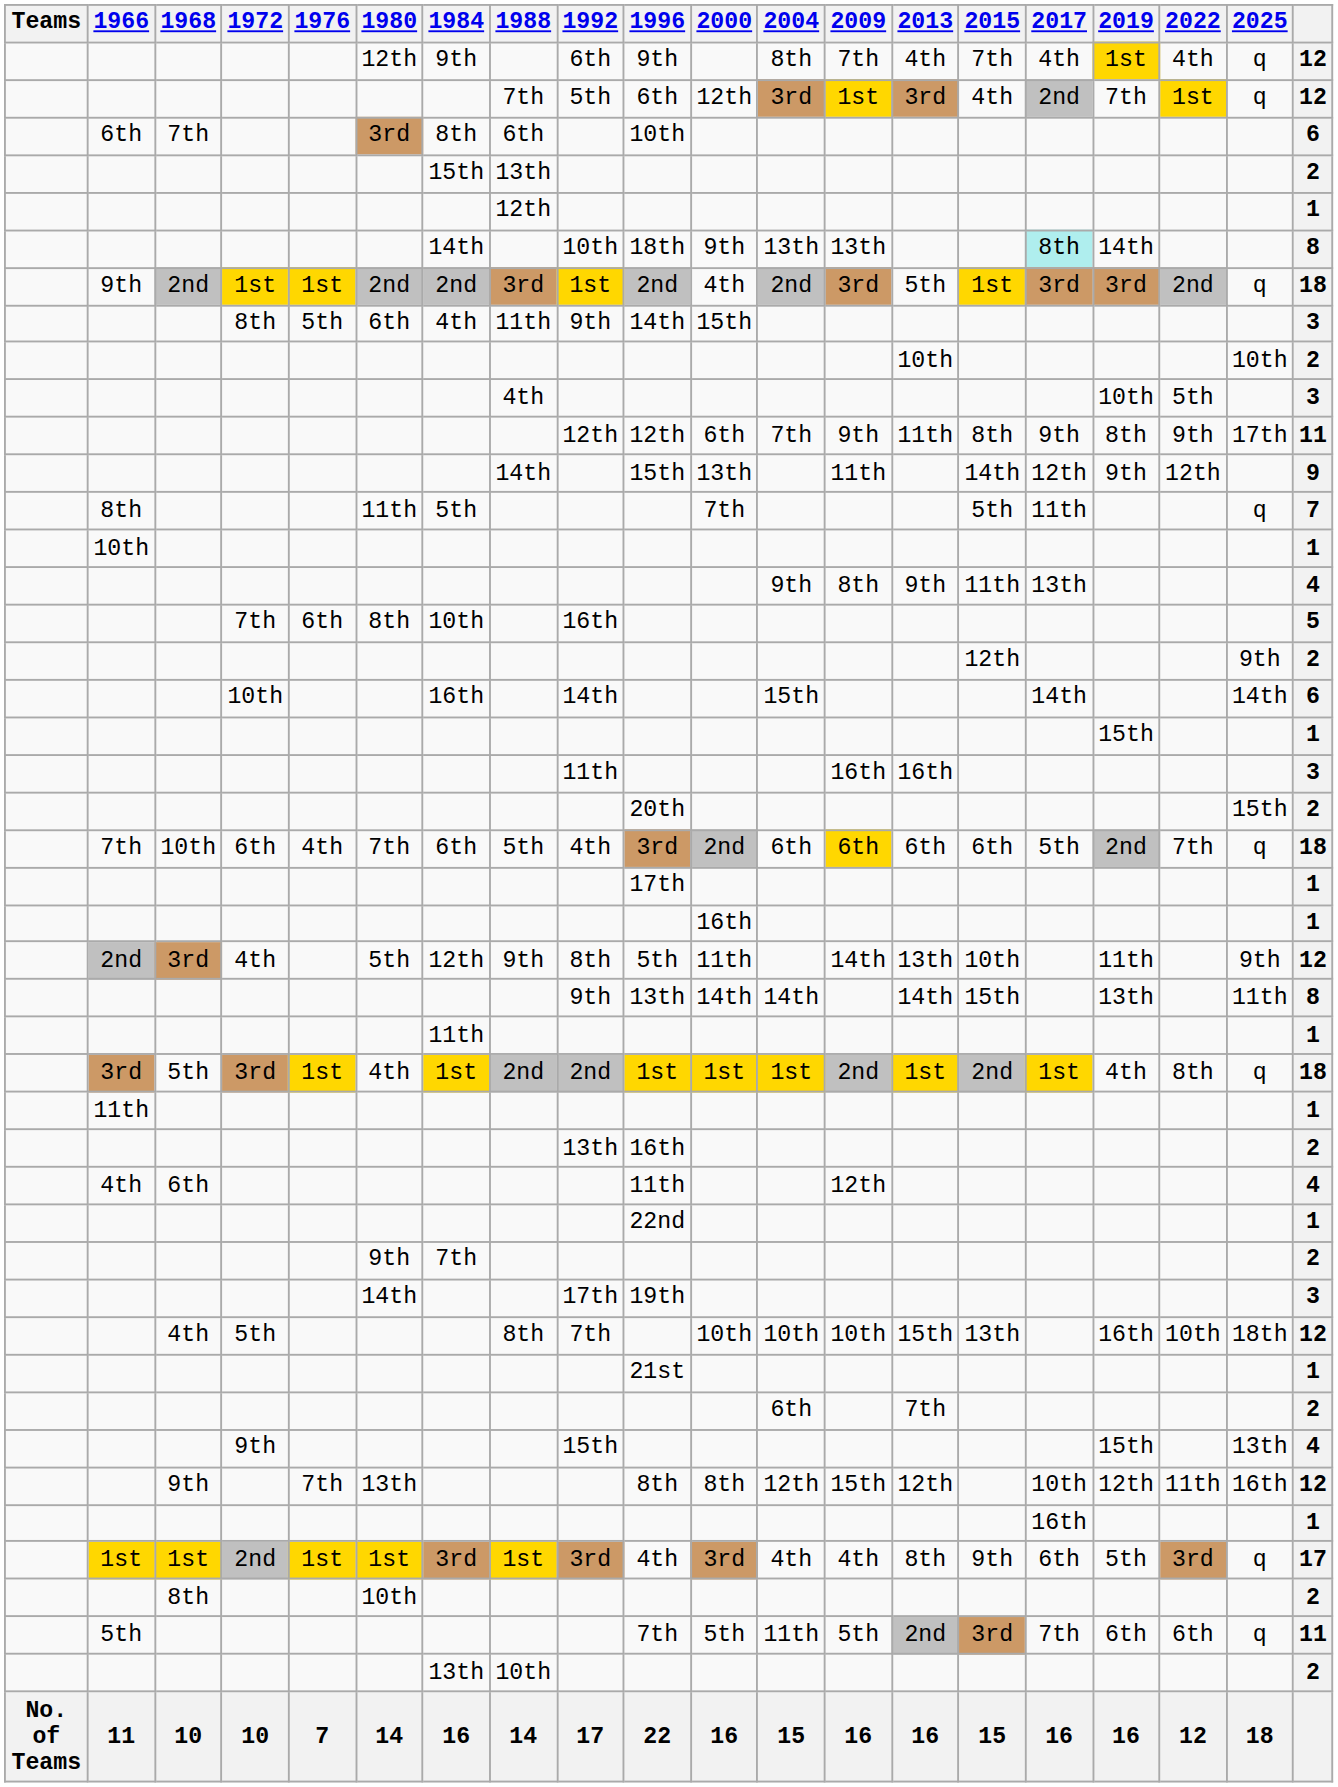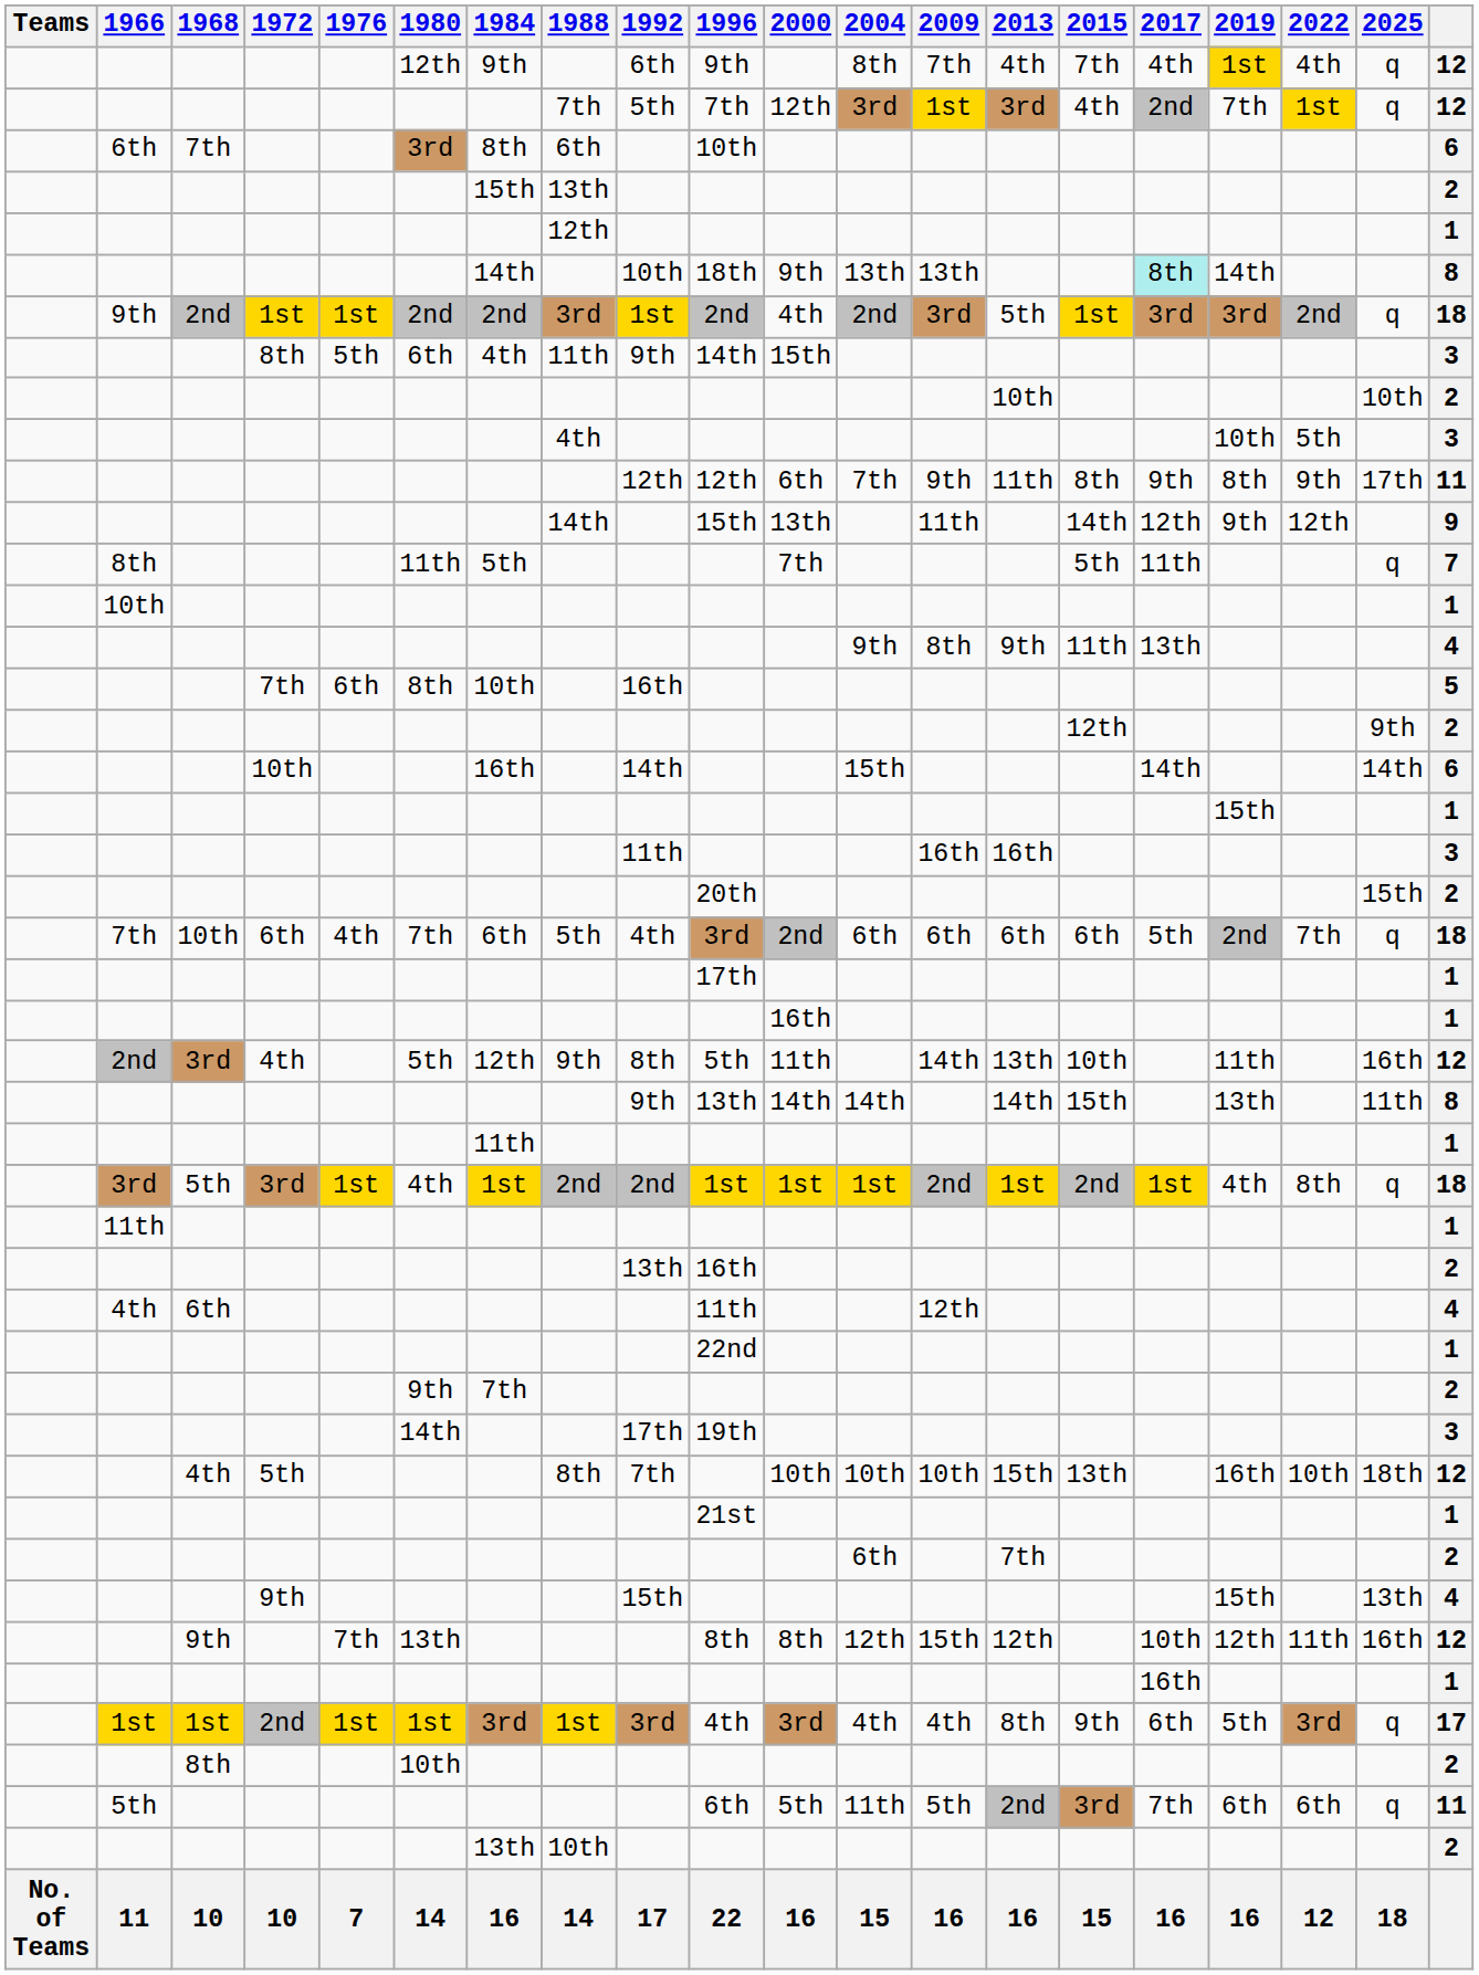 <table class="wikitable" style="font-size:95%; width: 80%; text-align: center;">
 <tr>
 <th width="20%">Teams</th>
 <th width="06%"><a href='#'>1966</a></th>
 <th width="06%"><a href='#'>1968</a></th>
 <th width="06%"><a href='#'>1972</a></th>
 <th width="06%"><a href='#'>1976</a></th>
 <th width="06%"><a href='#'>1980</a></th>
 <th width="06%"><a href='#'>1984</a></th>
 <th width="06%"><a href='#'>1988</a></th>
 <th width="06%"><a href='#'>1992</a></th>
 <th width="06%"><a href='#'>1996</a></th>
 <th width="06%"><a href='#'>2000</a></th>
 <th width="06%"><a href='#'>2004</a></th>
 <th width="06%"><a href='#'>2009</a></th>
 <th width="06%"><a href='#'>2013</a></th>
 <th width="06%"><a href='#'>2015</a></th>
 <th width="06%"><a href='#'>2017</a></th>
 <th width="06%"><a href='#'>2019</a></th>
 <th width="06%"><a href='#'>2022</a></th>
 <th width="06%"><a href='#'>2025</a></th>
 <th width="05%"></th>
 </tr>
 <tr>
 <td align="left"></td>
 <td></td>
 <td></td>
 <td></td>
 <td></td>
 <td>12th</td>
 <td>9th</td>
 <td></td>
 <td>6th</td>
 <td>9th</td>
 <td></td>
 <td>8th</td>
 <td>7th</td>
 <td>4th</td>
 <td>7th</td>
 <td>4th</td>
 <td style="background:gold;">1st</td>
 <td>4th</td>
 <td>q</td>
 <th>12</th>
 </tr>
 <tr>
 <td align="left"></td>
 <td></td>
 <td></td>
 <td></td>
 <td></td>
 <td></td>
 <td></td>
 <td>7th</td>
 <td>5th</td>
-<td>6th</td>
+<td>7th</td>
 <td>12th</td>
 <td style="background:#cc9966;">3rd</td>
 <td style="background:gold;">1st</td>
 <td style="background:#cc9966;">3rd</td>
 <td>4th</td>
 <td style="background:silver;">2nd</td>
 <td>7th</td>
 <td style="background:gold;">1st</td>
 <td>q</td>
 <th>12</th>
 </tr>
 <tr>
 <td align="left"></td>
 <td>6th</td>
 <td>7th</td>
 <td></td>
 <td></td>
 <td style="background:#cc9966;">3rd</td>
 <td>8th</td>
 <td>6th</td>
 <td></td>
 <td>10th</td>
 <td></td>
 <td></td>
 <td></td>
 <td></td>
 <td></td>
 <td></td>
 <td></td>
 <td></td>
 <td></td>
 <th>6</th>
 </tr>
 <tr>
 <td align="left"></td>
 <td></td>
 <td></td>
 <td></td>
 <td></td>
 <td></td>
 <td>15th</td>
 <td>13th</td>
 <td></td>
 <td></td>
 <td></td>
 <td></td>
 <td></td>
 <td></td>
 <td></td>
 <td></td>
 <td></td>
 <td></td>
 <td></td>
 <th>2</th>
 </tr>
 <tr>
 <td align="left"></td>
 <td></td>
 <td></td>
 <td></td>
 <td></td>
 <td></td>
 <td></td>
 <td>12th</td>
 <td></td>
 <td></td>
 <td></td>
 <td></td>
 <td></td>
 <td></td>
 <td></td>
 <td></td>
 <td></td>
 <td></td>
 <td></td>
 <th>1</th>
 </tr>
 <tr>
 <td align="left"></td>
 <td></td>
 <td></td>
 <td></td>
 <td></td>
 <td></td>
 <td>14th</td>
 <td></td>
 <td>10th</td>
 <td>18th</td>
 <td>9th</td>
 <td>13th</td>
 <td>13th</td>
 <td></td>
 <td></td>
 <td style="background: paleturquoise;">8th</td>
 <td>14th</td>
 <td></td>
 <td></td>
 <th>8</th>
 </tr>
 <tr>
 <td align="left"></td>
 <td>9th</td>
 <td style="background:silver;">2nd</td>
 <td style="background:gold;">1st</td>
 <td style="background:gold;">1st</td>
 <td style="background:silver;">2nd</td>
 <td style="background:silver;">2nd</td>
 <td style="background:#cc9966;">3rd</td>
 <td style="background:gold;">1st</td>
 <td style="background:silver;">2nd</td>
 <td>4th</td>
 <td style="background:silver;">2nd</td>
 <td style="background:#cc9966;">3rd</td>
 <td>5th</td>
 <td style="background:gold;">1st</td>
 <td style="background:#cc9966;">3rd</td>
 <td style="background:#cc9966;">3rd</td>
 <td style="background:silver;">2nd</td>
 <td>q</td>
 <th>18</th>
 </tr>
 <tr>
 <td align="left"></td>
 <td></td>
 <td></td>
 <td>8th</td>
 <td>5th</td>
 <td>6th</td>
 <td>4th</td>
 <td>11th</td>
 <td>9th</td>
 <td>14th</td>
 <td>15th</td>
 <td></td>
 <td></td>
 <td></td>
 <td></td>
 <td></td>
 <td></td>
 <td></td>
 <td></td>
 <th>3</th>
 </tr>
 <tr>
 <td align="left"></td>
 <td></td>
 <td></td>
 <td></td>
 <td></td>
 <td></td>
 <td></td>
 <td></td>
 <td></td>
 <td></td>
 <td></td>
 <td></td>
 <td></td>
 <td>10th</td>
 <td></td>
 <td></td>
 <td></td>
 <td></td>
 <td>10th</td>
 <th>2</th>
 </tr>
 <tr>
 <td align="left"></td>
 <td></td>
 <td></td>
 <td></td>
 <td></td>
 <td></td>
 <td></td>
 <td>4th</td>
 <td></td>
 <td></td>
 <td></td>
 <td></td>
 <td></td>
 <td></td>
 <td></td>
 <td></td>
 <td>10th</td>
 <td>5th</td>
 <td></td>
 <th>3</th>
 </tr>
 <tr>
 <td align="left"></td>
 <td></td>
 <td></td>
 <td></td>
 <td></td>
 <td></td>
 <td></td>
 <td></td>
 <td>12th</td>
 <td>12th</td>
 <td>6th</td>
 <td>7th</td>
 <td>9th</td>
 <td>11th</td>
 <td>8th</td>
 <td>9th</td>
 <td>8th</td>
 <td>9th</td>
 <td>17th</td>
 <th>11</th>
 </tr>
 <tr>
 <td align="left"></td>
 <td></td>
 <td></td>
 <td></td>
 <td></td>
 <td></td>
 <td></td>
 <td>14th</td>
 <td></td>
 <td>15th</td>
 <td>13th</td>
 <td></td>
 <td>11th</td>
 <td></td>
 <td>14th</td>
 <td>12th</td>
 <td>9th</td>
 <td>12th</td>
 <td></td>
 <th>9</th>
 </tr>
 <tr>
 <td align="left"></td>
 <td>8th</td>
 <td></td>
 <td></td>
 <td></td>
 <td>11th</td>
 <td>5th</td>
 <td></td>
 <td></td>
 <td></td>
 <td>7th</td>
 <td></td>
 <td></td>
 <td></td>
 <td>5th</td>
 <td>11th</td>
 <td></td>
 <td></td>
 <td>q</td>
 <th>7</th>
 </tr>
 <tr>
 <td align="left"></td>
 <td>10th</td>
 <td></td>
 <td></td>
 <td></td>
 <td></td>
 <td></td>
 <td></td>
 <td></td>
 <td></td>
 <td></td>
 <td></td>
 <td></td>
 <td></td>
 <td></td>
 <td></td>
 <td></td>
 <td></td>
 <td></td>
 <th>1</th>
 </tr>
 <tr>
 <td align="left"></td>
 <td></td>
 <td></td>
 <td></td>
 <td></td>
 <td></td>
 <td></td>
 <td></td>
 <td></td>
 <td></td>
 <td></td>
 <td>9th</td>
 <td>8th</td>
 <td>9th</td>
 <td>11th</td>
 <td>13th</td>
 <td></td>
 <td></td>
 <td></td>
 <th>4</th>
 </tr>
 <tr>
 <td align="left"></td>
 <td></td>
 <td></td>
 <td>7th</td>
 <td>6th</td>
 <td>8th</td>
 <td>10th</td>
 <td></td>
 <td>16th</td>
 <td></td>
 <td></td>
 <td></td>
 <td></td>
 <td></td>
 <td></td>
 <td></td>
 <td></td>
 <td></td>
 <td></td>
 <th>5</th>
 </tr>
 <tr>
 <td align="left"></td>
 <td></td>
 <td></td>
 <td></td>
 <td></td>
 <td></td>
 <td></td>
 <td></td>
 <td></td>
 <td></td>
 <td></td>
 <td></td>
 <td></td>
 <td></td>
 <td>12th</td>
 <td></td>
 <td></td>
 <td></td>
 <td>9th</td>
 <th>2</th>
 </tr>
 <tr>
 <td align="left"></td>
 <td></td>
 <td></td>
 <td>10th</td>
 <td></td>
 <td></td>
 <td>16th</td>
 <td></td>
 <td>14th</td>
 <td></td>
 <td></td>
 <td>15th</td>
 <td></td>
 <td></td>
 <td></td>
 <td>14th</td>
 <td></td>
 <td></td>
 <td>14th</td>
 <th>6</th>
 </tr>
 <tr>
 <td align="left"></td>
 <td></td>
 <td></td>
 <td></td>
 <td></td>
 <td></td>
 <td></td>
 <td></td>
 <td></td>
 <td></td>
 <td></td>
 <td></td>
 <td></td>
 <td></td>
 <td></td>
 <td></td>
 <td>15th</td>
 <td></td>
 <td></td>
 <th>1</th>
 </tr>
 <tr>
 <td align="left"></td>
 <td></td>
 <td></td>
 <td></td>
 <td></td>
 <td></td>
 <td></td>
 <td></td>
 <td>11th</td>
 <td></td>
 <td></td>
 <td></td>
 <td>16th</td>
 <td>16th</td>
 <td></td>
 <td></td>
 <td></td>
 <td></td>
 <td></td>
 <th>3</th>
 </tr>
 <tr>
 <td align="left"></td>
 <td></td>
 <td></td>
 <td></td>
 <td></td>
 <td></td>
 <td></td>
 <td></td>
 <td></td>
 <td>20th</td>
 <td></td>
 <td></td>
 <td></td>
 <td></td>
 <td></td>
 <td></td>
 <td></td>
 <td></td>
 <td>15th</td>
 <th>2</th>
 </tr>
 <tr>
 <td align="left"></td>
 <td>7th</td>
 <td>10th</td>
 <td>6th</td>
 <td>4th</td>
 <td>7th</td>
 <td>6th</td>
 <td>5th</td>
 <td>4th</td>
 <td style="background:#cc9966;">3rd</td>
 <td style="background:silver;">2nd</td>
 <td>6th</td>
-<td style="background: gold;">6th</td>
+<td>6th</td>
 <td>6th</td>
 <td>6th</td>
 <td>5th</td>
 <td style="background:silver;">2nd</td>
 <td>7th</td>
 <td>q</td>
 <th>18</th>
 </tr>
 <tr>
 <td align="left"></td>
 <td></td>
 <td></td>
 <td></td>
 <td></td>
 <td></td>
 <td></td>
 <td></td>
 <td></td>
 <td>17th</td>
 <td></td>
 <td></td>
 <td></td>
 <td></td>
 <td></td>
 <td></td>
 <td></td>
 <td></td>
 <td></td>
 <th>1</th>
 </tr>
 <tr>
 <td align="left"></td>
 <td></td>
 <td></td>
 <td></td>
 <td></td>
 <td></td>
 <td></td>
 <td></td>
 <td></td>
 <td></td>
 <td>16th</td>
 <td></td>
 <td></td>
 <td></td>
 <td></td>
 <td></td>
 <td></td>
 <td></td>
 <td></td>
 <th>1</th>
 </tr>
 <tr>
 <td align="left"></td>
 <td style="background:silver;">2nd</td>
 <td style="background:#cc9966;">3rd</td>
 <td>4th</td>
 <td></td>
 <td>5th</td>
 <td>12th</td>
 <td>9th</td>
 <td>8th</td>
 <td>5th</td>
 <td>11th</td>
 <td></td>
 <td>14th</td>
 <td>13th</td>
 <td>10th</td>
 <td></td>
 <td>11th</td>
 <td></td>
-<td>9th</td>
+<td>16th</td>
 <th>12</th>
 </tr>
 <tr>
 <td align="left"></td>
 <td></td>
 <td></td>
 <td></td>
 <td></td>
 <td></td>
 <td></td>
 <td></td>
 <td>9th</td>
 <td>13th</td>
 <td>14th</td>
 <td>14th</td>
 <td></td>
 <td>14th</td>
 <td>15th</td>
 <td></td>
 <td>13th</td>
 <td></td>
 <td>11th</td>
 <th>8</th>
 </tr>
 <tr>
 <td align="left"></td>
 <td></td>
 <td></td>
 <td></td>
 <td></td>
 <td></td>
 <td>11th</td>
 <td></td>
 <td></td>
 <td></td>
 <td></td>
 <td></td>
 <td></td>
 <td></td>
 <td></td>
 <td></td>
 <td></td>
 <td></td>
 <td></td>
 <th>1</th>
 </tr>
 <tr>
 <td align="left"></td>
 <td style="background:#cc9966;">3rd</td>
 <td>5th</td>
 <td style="background:#cc9966;">3rd</td>
 <td style="background:gold;">1st</td>
 <td>4th</td>
 <td style="background:gold;">1st</td>
 <td style="background:silver;">2nd</td>
 <td style="background:silver;">2nd</td>
 <td style="background:gold;">1st</td>
 <td style="background:gold;">1st</td>
 <td style="background:gold;">1st</td>
 <td style="background:silver;">2nd</td>
 <td style="background:gold;">1st</td>
 <td style="background:silver;">2nd</td>
 <td style="background:gold;">1st</td>
 <td>4th</td>
 <td>8th</td>
 <td>q</td>
 <th>18</th>
 </tr>
 <tr>
 <td align="left"></td>
 <td>11th</td>
 <td></td>
 <td></td>
 <td></td>
 <td></td>
 <td></td>
 <td></td>
 <td></td>
 <td></td>
 <td></td>
 <td></td>
 <td></td>
 <td></td>
 <td></td>
 <td></td>
 <td></td>
 <td></td>
 <td></td>
 <th>1</th>
 </tr>
 <tr>
 <td align="left"></td>
 <td></td>
 <td></td>
 <td></td>
 <td></td>
 <td></td>
 <td></td>
 <td></td>
 <td>13th</td>
 <td>16th</td>
 <td></td>
 <td></td>
 <td></td>
 <td></td>
 <td></td>
 <td></td>
 <td></td>
 <td></td>
 <td></td>
 <th>2</th>
 </tr>
 <tr>
 <td align="left"></td>
 <td>4th</td>
 <td>6th</td>
 <td></td>
 <td></td>
 <td></td>
 <td></td>
 <td></td>
 <td></td>
 <td>11th</td>
 <td></td>
 <td></td>
 <td>12th</td>
 <td></td>
 <td></td>
 <td></td>
 <td></td>
 <td></td>
 <td></td>
 <th>4</th>
 </tr>
 <tr>
 <td align="left"></td>
 <td></td>
 <td></td>
 <td></td>
 <td></td>
 <td></td>
 <td></td>
 <td></td>
 <td></td>
 <td>22nd</td>
 <td></td>
 <td></td>
 <td></td>
 <td></td>
 <td></td>
 <td></td>
 <td></td>
 <td></td>
 <td></td>
 <th>1</th>
 </tr>
 <tr>
 <td align="left"></td>
 <td></td>
 <td></td>
 <td></td>
 <td></td>
 <td>9th</td>
 <td>7th</td>
 <td></td>
 <td></td>
 <td></td>
 <td></td>
 <td></td>
 <td></td>
 <td></td>
 <td></td>
 <td></td>
 <td></td>
 <td></td>
 <td></td>
 <th>2</th>
 </tr>
 <tr>
 <td align="left"></td>
 <td></td>
 <td></td>
 <td></td>
 <td></td>
 <td>14th</td>
 <td></td>
 <td></td>
 <td>17th</td>
 <td>19th</td>
 <td></td>
 <td></td>
 <td></td>
 <td></td>
 <td></td>
 <td></td>
 <td></td>
 <td></td>
 <td></td>
 <th>3</th>
 </tr>
 <tr>
 <td align="left"></td>
 <td></td>
 <td>4th</td>
 <td>5th</td>
 <td></td>
 <td></td>
 <td></td>
 <td>8th</td>
 <td>7th</td>
 <td></td>
 <td>10th</td>
 <td>10th</td>
 <td>10th</td>
 <td>15th</td>
 <td>13th</td>
 <td></td>
 <td>16th</td>
 <td>10th</td>
 <td>18th</td>
 <th>12</th>
 </tr>
 <tr>
 <td align="left"></td>
 <td></td>
 <td></td>
 <td></td>
 <td></td>
 <td></td>
 <td></td>
 <td></td>
 <td></td>
 <td>21st</td>
 <td></td>
 <td></td>
 <td></td>
 <td></td>
 <td></td>
 <td></td>
 <td></td>
 <td></td>
 <td></td>
 <th>1</th>
 </tr>
 <tr>
 <td align="left"></td>
 <td></td>
 <td></td>
 <td></td>
 <td></td>
 <td></td>
 <td></td>
 <td></td>
 <td></td>
 <td></td>
 <td></td>
 <td>6th</td>
 <td></td>
 <td>7th</td>
 <td></td>
 <td></td>
 <td></td>
 <td></td>
 <td></td>
 <th>2</th>
 </tr>
 <tr>
 <td align="left"></td>
 <td></td>
 <td></td>
 <td>9th</td>
 <td></td>
 <td></td>
 <td></td>
 <td></td>
 <td>15th</td>
 <td></td>
 <td></td>
 <td></td>
 <td></td>
 <td></td>
 <td></td>
 <td></td>
 <td>15th</td>
 <td></td>
 <td>13th</td>
 <th>4</th>
 </tr>
 <tr>
 <td align="left"></td>
 <td></td>
 <td>9th</td>
 <td></td>
 <td>7th</td>
 <td>13th</td>
 <td></td>
 <td></td>
 <td></td>
 <td>8th</td>
 <td>8th</td>
 <td>12th</td>
 <td>15th</td>
 <td>12th</td>
 <td></td>
 <td>10th</td>
 <td>12th</td>
 <td>11th</td>
 <td>16th</td>
 <th>12</th>
 </tr>
 <tr>
 <td align="left"></td>
 <td></td>
 <td></td>
 <td></td>
 <td></td>
 <td></td>
 <td></td>
 <td></td>
 <td></td>
 <td></td>
 <td></td>
 <td></td>
 <td></td>
 <td></td>
 <td></td>
 <td>16th</td>
 <td></td>
 <td></td>
 <td></td>
 <th>1</th>
 </tr>
 <tr>
 <td align="left"></td>
 <td style="background:gold;">1st</td>
 <td style="background:gold;">1st</td>
 <td style="background:silver;">2nd</td>
 <td style="background:gold;">1st</td>
 <td style="background:gold;">1st</td>
 <td style="background:#cc9966;">3rd</td>
 <td style="background:gold;">1st</td>
 <td style="background:#cc9966;">3rd</td>
 <td>4th</td>
 <td style="background:#cc9966;">3rd</td>
 <td>4th</td>
 <td>4th</td>
 <td>8th</td>
 <td>9th</td>
 <td>6th</td>
 <td>5th</td>
 <td style="background:#cc9966;">3rd</td>
 <td>q</td>
 <th>17</th>
 </tr>
 <tr>
 <td align="left"></td>
 <td></td>
 <td>8th</td>
 <td></td>
 <td></td>
 <td>10th</td>
 <td></td>
 <td></td>
 <td></td>
 <td></td>
 <td></td>
 <td></td>
 <td></td>
 <td></td>
 <td></td>
 <td></td>
 <td></td>
 <td></td>
 <td></td>
 <th>2</th>
 </tr>
 <tr>
 <td align="left"></td>
 <td>5th</td>
 <td></td>
 <td></td>
 <td></td>
 <td></td>
 <td></td>
 <td></td>
 <td></td>
-<td>7th</td>
+<td>6th</td>
 <td>5th</td>
 <td>11th</td>
 <td>5th</td>
 <td style="background:silver;">2nd</td>
 <td style="background:#cc9966;">3rd</td>
 <td>7th</td>
 <td>6th</td>
 <td>6th</td>
 <td>q</td>
 <th>11</th>
 </tr>
 <tr>
 <td align="left"></td>
 <td></td>
 <td></td>
 <td></td>
 <td></td>
 <td></td>
 <td>13th</td>
 <td>10th</td>
 <td></td>
 <td></td>
 <td></td>
 <td></td>
 <td></td>
 <td></td>
 <td></td>
 <td></td>
 <td></td>
 <td></td>
 <td></td>
 <th>2</th>
 </tr>
 <tr>
 <th>No. of<br> Teams</th>
 <th width="06%">11</th>
 <th width="06%">10</th>
 <th width="06%">10</th>
 <th width="06%">7</th>
 <th width="06%">14</th>
 <th width="06%">16</th>
 <th width="06%">14</th>
 <th width="06%">17</th>
 <th width="06%">22</th>
 <th width="06%">16</th>
 <th width="06%">15</th>
 <th width="06%">16</th>
 <th width="06%">16</th>
 <th width="06%">15</th>
 <th width="06%">16</th>
 <th width="06%">16</th>
 <th width="06%">12</th>
 <th width="06%">18</th>
 <th></th>
 </tr>
 </table>
